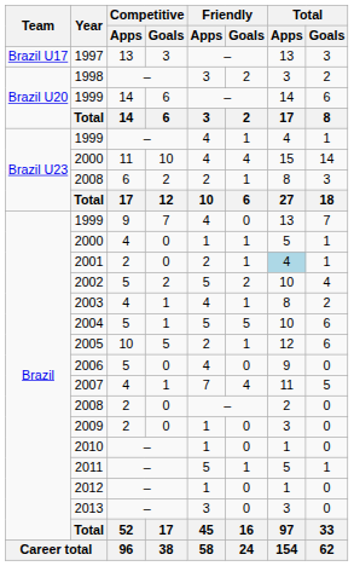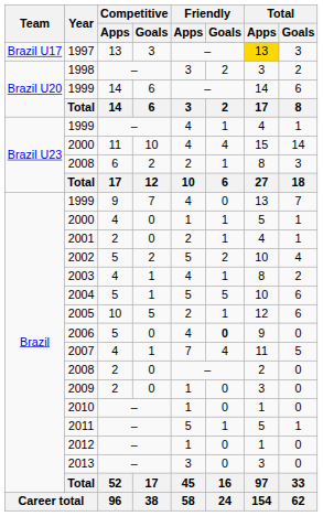 <table class="wikitable" style="text-align:center">
 <tr>
 <th rowspan="2">Team</th>
 <th rowspan="2">Year</th>
 <th colspan="2">Competitive</th>
 <th colspan="2">Friendly</th>
 <th colspan="2">Total</th>
 </tr>
 <tr>
 <th>Apps</th>
 <th>Goals</th>
 <th>Apps</th>
 <th>Goals</th>
 <th>Apps</th>
 <th>Goals</th>
 </tr>
 <tr>
 <td><a href='#'>Brazil U17</a></td>
 <td>1997</td>
 <td>13</td>
 <td>3</td>
 <td colspan="2">–</td>
-<td>13</td>
+<td style="background: gold;">13</td>
 <td>3</td>
 </tr>
 <tr>
 <td rowspan="3"><a href='#'>Brazil U20</a></td>
 <td>1998</td>
 <td colspan="2">–</td>
 <td>3</td>
 <td>2</td>
 <td>3</td>
 <td>2</td>
 </tr>
 <tr>
 <td>1999</td>
 <td>14</td>
 <td>6</td>
 <td colspan="2">–</td>
 <td>14</td>
 <td>6</td>
 </tr>
 <tr>
 <th>Total</th>
 <th>14</th>
 <th>6</th>
 <th>3</th>
 <th>2</th>
 <th>17</th>
 <th>8</th>
 </tr>
 <tr>
 <td rowspan="4"><a href='#'>Brazil U23</a></td>
 <td>1999</td>
 <td colspan="2">–</td>
 <td>4</td>
 <td>1</td>
 <td>4</td>
 <td>1</td>
 </tr>
 <tr>
 <td>2000</td>
 <td>11</td>
 <td>10</td>
 <td>4</td>
 <td>4</td>
 <td>15</td>
 <td>14</td>
 </tr>
 <tr>
 <td>2008</td>
 <td>6</td>
 <td>2</td>
 <td>2</td>
 <td>1</td>
 <td>8</td>
 <td>3</td>
 </tr>
 <tr>
 <th>Total</th>
 <th>17</th>
 <th>12</th>
 <th>10</th>
 <th>6</th>
 <th>27</th>
 <th>18</th>
 </tr>
 <tr>
 <td rowspan="16"><a href='#'>Brazil</a></td>
 <td>1999</td>
 <td>9</td>
 <td>7</td>
 <td>4</td>
 <td>0</td>
 <td>13</td>
 <td>7</td>
 </tr>
 <tr>
 <td>2000</td>
 <td>4</td>
 <td>0</td>
 <td>1</td>
 <td>1</td>
 <td>5</td>
 <td>1</td>
 </tr>
 <tr>
 <td>2001</td>
 <td>2</td>
 <td>0</td>
 <td>2</td>
 <td>1</td>
-<td style="background: lightblue;">4</td>
+<td>4</td>
 <td>1</td>
 </tr>
 <tr>
 <td>2002</td>
 <td>5</td>
 <td>2</td>
 <td>5</td>
 <td>2</td>
 <td>10</td>
 <td>4</td>
 </tr>
 <tr>
 <td>2003</td>
 <td>4</td>
 <td>1</td>
 <td>4</td>
 <td>1</td>
 <td>8</td>
 <td>2</td>
 </tr>
 <tr>
 <td>2004</td>
 <td>5</td>
 <td>1</td>
 <td>5</td>
 <td>5</td>
 <td>10</td>
 <td>6</td>
 </tr>
 <tr>
 <td>2005</td>
 <td>10</td>
 <td>5</td>
 <td>2</td>
 <td>1</td>
 <td>12</td>
 <td>6</td>
 </tr>
 <tr>
 <td>2006</td>
 <td>5</td>
 <td>0</td>
 <td>4</td>
-<td>0</td>
+<td><strong>0</strong></td>
 <td>9</td>
 <td>0</td>
 </tr>
 <tr>
 <td>2007</td>
 <td>4</td>
 <td>1</td>
 <td>7</td>
 <td>4</td>
 <td>11</td>
 <td>5</td>
 </tr>
 <tr>
 <td>2008</td>
 <td>2</td>
 <td>0</td>
 <td colspan="2">–</td>
 <td>2</td>
 <td>0</td>
 </tr>
 <tr>
 <td>2009</td>
 <td>2</td>
 <td>0</td>
 <td>1</td>
 <td>0</td>
 <td>3</td>
 <td>0</td>
 </tr>
 <tr>
 <td>2010</td>
 <td colspan="2">–</td>
 <td>1</td>
 <td>0</td>
 <td>1</td>
 <td>0</td>
 </tr>
 <tr>
 <td>2011</td>
 <td colspan="2">–</td>
 <td>5</td>
 <td>1</td>
 <td>5</td>
 <td>1</td>
 </tr>
 <tr>
 <td>2012</td>
 <td colspan="2">–</td>
 <td>1</td>
 <td>0</td>
 <td>1</td>
 <td>0</td>
 </tr>
 <tr>
 <td>2013</td>
 <td colspan="2">–</td>
 <td>3</td>
 <td>0</td>
 <td>3</td>
 <td>0</td>
 </tr>
 <tr>
 <th>Total</th>
 <th>52</th>
 <th>17</th>
 <th>45</th>
 <th>16</th>
 <th>97</th>
 <th>33</th>
 </tr>
 <tr>
 <th colspan="2">Career total</th>
 <th>96</th>
 <th>38</th>
 <th>58</th>
 <th>24</th>
 <th>154</th>
 <th>62</th>
 </tr>
 </table>
